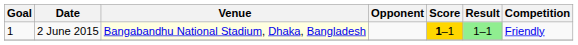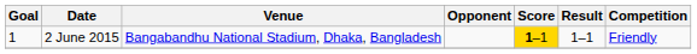 <table class="wikitable collapsible collapsed">
 <tr>
 <th>Goal</th>
 <th>Date</th>
 <th>Venue</th>
 <th>Opponent</th>
 <th>Score</th>
 <th>Result</th>
 <th>Competition</th>
 </tr>
 <tr>
 <td>1</td>
 <td>2 June 2015</td>
-<td style="background: lightyellow;"><a href='#'>Bangabandhu National Stadium</a>, <a href='#'>Dhaka</a>, <a href='#'>Bangladesh</a></td>
+<td><a href='#'>Bangabandhu National Stadium</a>, <a href='#'>Dhaka</a>, <a href='#'>Bangladesh</a></td>
 <td></td>
 <td align="center" style="background: gold;"><strong>1</strong>–1</td>
-<td align="center" style="background: lightgreen;">1–1</td>
+<td align="center">1–1</td>
 <td><a href='#'>Friendly</a></td>
 </tr>
 <tr>
 </tr>
 </table>
